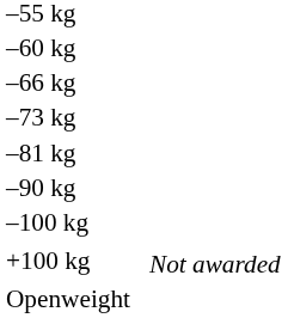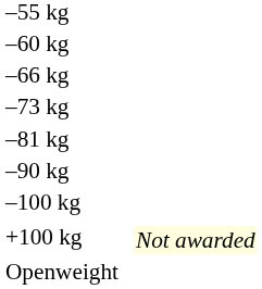 <table>
 <tr>
 <td rowspan=2>–55 kg<br></td>
 <td rowspan=2></td>
 <td rowspan=2></td>
 <td></td>
 </tr>
 <tr>
 <td></td>
 </tr>
 <tr>
 <td rowspan=2>–60 kg<br></td>
 <td rowspan=2></td>
 <td rowspan=2></td>
 <td></td>
 </tr>
 <tr>
 <td></td>
 </tr>
 <tr>
 <td rowspan=2>–66 kg<br></td>
 <td rowspan=2></td>
 <td rowspan=2></td>
 <td></td>
 </tr>
 <tr>
 <td></td>
 </tr>
 <tr>
 <td rowspan=2>–73 kg<br></td>
 <td rowspan=2></td>
 <td rowspan=2></td>
 <td></td>
 </tr>
 <tr>
 <td></td>
 </tr>
 <tr>
 <td rowspan=2>–81 kg<br></td>
 <td rowspan=2></td>
 <td rowspan=2></td>
 <td></td>
 </tr>
 <tr>
 <td></td>
 </tr>
 <tr>
 <td rowspan=2>–90 kg<br></td>
 <td rowspan=2></td>
 <td rowspan=2></td>
 <td></td>
 </tr>
 <tr>
 <td></td>
 </tr>
 <tr>
 <td rowspan=2>–100 kg<br></td>
 <td rowspan=2></td>
 <td rowspan=2></td>
 <td></td>
 </tr>
 <tr>
 <td></td>
 </tr>
 <tr>
 <td rowspan=2>+100 kg<br></td>
 <td rowspan=2></td>
 <td rowspan=2></td>
 <td></td>
 </tr>
 <tr>
-<td><em>Not awarded</em></td>
+<td style="background: lightyellow;"><em>Not awarded</em></td>
 </tr>
 <tr>
 <td rowspan=2>Openweight<br></td>
 <td rowspan=2></td>
 <td rowspan=2></td>
 <td></td>
 </tr>
 <tr>
 <td></td>
 </tr>
 </table>
